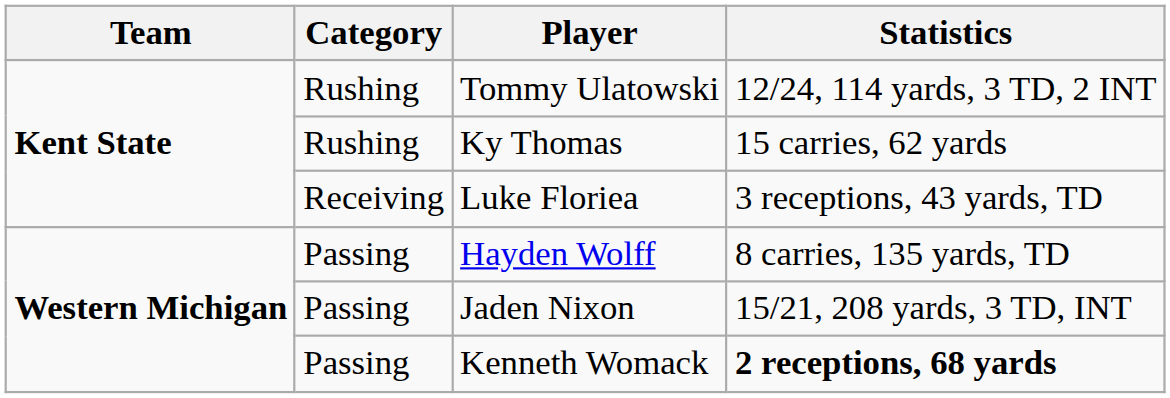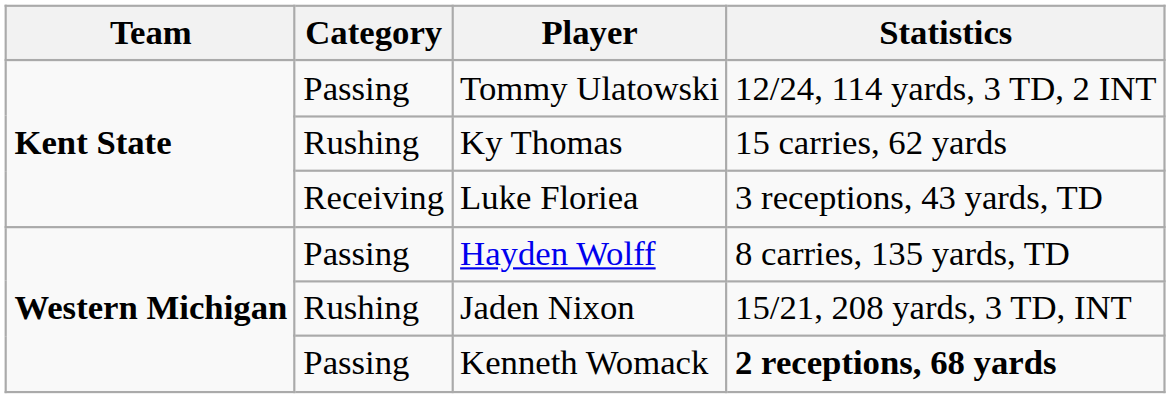 <table class="wikitable" style="float:right">
 <tr>
 <th>Team</th>
 <th>Category</th>
 <th>Player</th>
 <th>Statistics</th>
 </tr>
 <tr>
 <td rowspan=3><strong>Kent State</strong></td>
-<td>Rushing</td>
+<td>Passing</td>
 <td>Tommy Ulatowski</td>
 <td>12/24, 114 yards, 3 TD, 2 INT</td>
 </tr>
 <tr>
 <td>Rushing</td>
 <td>Ky Thomas</td>
 <td>15 carries, 62 yards</td>
 </tr>
 <tr>
 <td>Receiving</td>
 <td>Luke Floriea</td>
 <td>3 receptions, 43 yards, TD</td>
 </tr>
 <tr>
 <td rowspan=3><strong>Western Michigan</strong></td>
 <td>Passing</td>
 <td><a href='#'>Hayden Wolff</a></td>
 <td>8 carries, 135 yards, TD</td>
 </tr>
 <tr>
-<td>Passing</td>
+<td>Rushing</td>
 <td>Jaden Nixon</td>
 <td>15/21, 208 yards, 3 TD, INT</td>
 </tr>
 <tr>
 <td>Passing</td>
 <td>Kenneth Womack</td>
 <td><strong>2 receptions, 68 yards</strong></td>
 </tr>
 </table>
